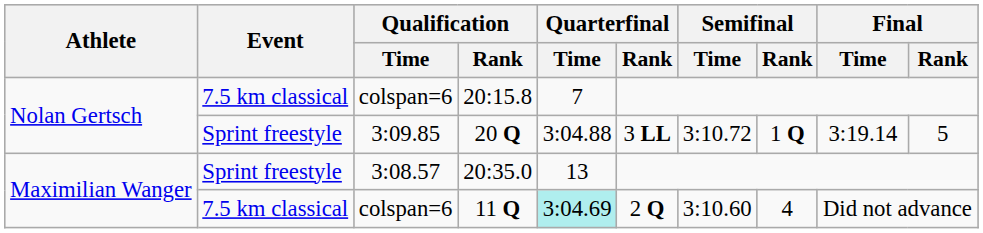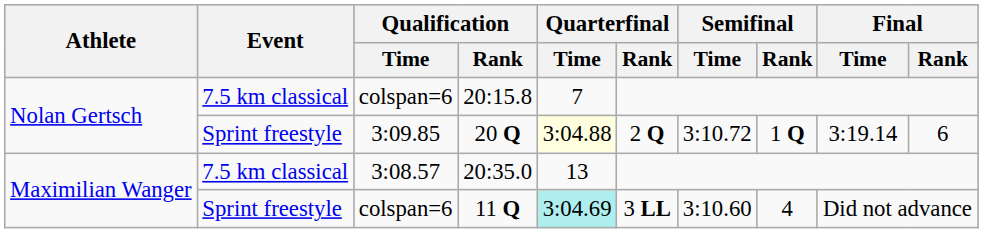 <table class="wikitable" style="font-size:90%">
 <tr>
 <th rowspan="2">Athlete</th>
 <th rowspan="2">Event</th>
 <th colspan="2">Qualification</th>
 <th colspan="2">Quarterfinal</th>
 <th colspan="2">Semifinal</th>
 <th colspan="2">Final</th>
 </tr>
 <tr style="font-size:95%">
 <th>Time</th>
 <th>Rank</th>
 <th>Time</th>
 <th>Rank</th>
 <th>Time</th>
 <th>Rank</th>
 <th>Time</th>
 <th>Rank</th>
 </tr>
 <tr align=center>
 <td align=left rowspan=2><a href='#'>Nolan Gertsch</a></td>
 <td align=left><a href='#'>7.5 km classical</a></td>
 <td>colspan=6</td>
 <td>20:15.8</td>
 <td>7</td>
 </tr>
 <tr align=center>
 <td align=left><a href='#'>Sprint freestyle</a></td>
 <td>3:09.85</td>
 <td>20 <strong>Q</strong></td>
-<td>3:04.88</td>
-<td>3 <strong>LL</strong></td>
+<td style="background: lightyellow;">3:04.88</td>
+<td>2 <strong>Q</strong></td>
 <td>3:10.72</td>
 <td>1 <strong>Q</strong></td>
 <td>3:19.14</td>
-<td>5</td>
+<td>6</td>
 </tr>
 <tr align=center>
 <td align=left rowspan=2><a href='#'>Maximilian Wanger</a></td>
-<td align=left><a href='#'>Sprint freestyle</a></td>
+<td align=left><a href='#'>7.5 km classical</a></td>
 <td>3:08.57</td>
 <td>20:35.0</td>
 <td>13</td>
 </tr>
 <tr align=center>
-<td align=left><a href='#'>7.5 km classical</a></td>
+<td align=left><a href='#'>Sprint freestyle</a></td>
 <td>colspan=6</td>
 <td>11 <strong>Q</strong></td>
 <td style="background: paleturquoise;">3:04.69</td>
-<td>2 <strong>Q</strong></td>
+<td>3 <strong>LL</strong></td>
 <td>3:10.60</td>
 <td>4</td>
 <td colspan=2>Did not advance</td>
 </tr>
 </table>
